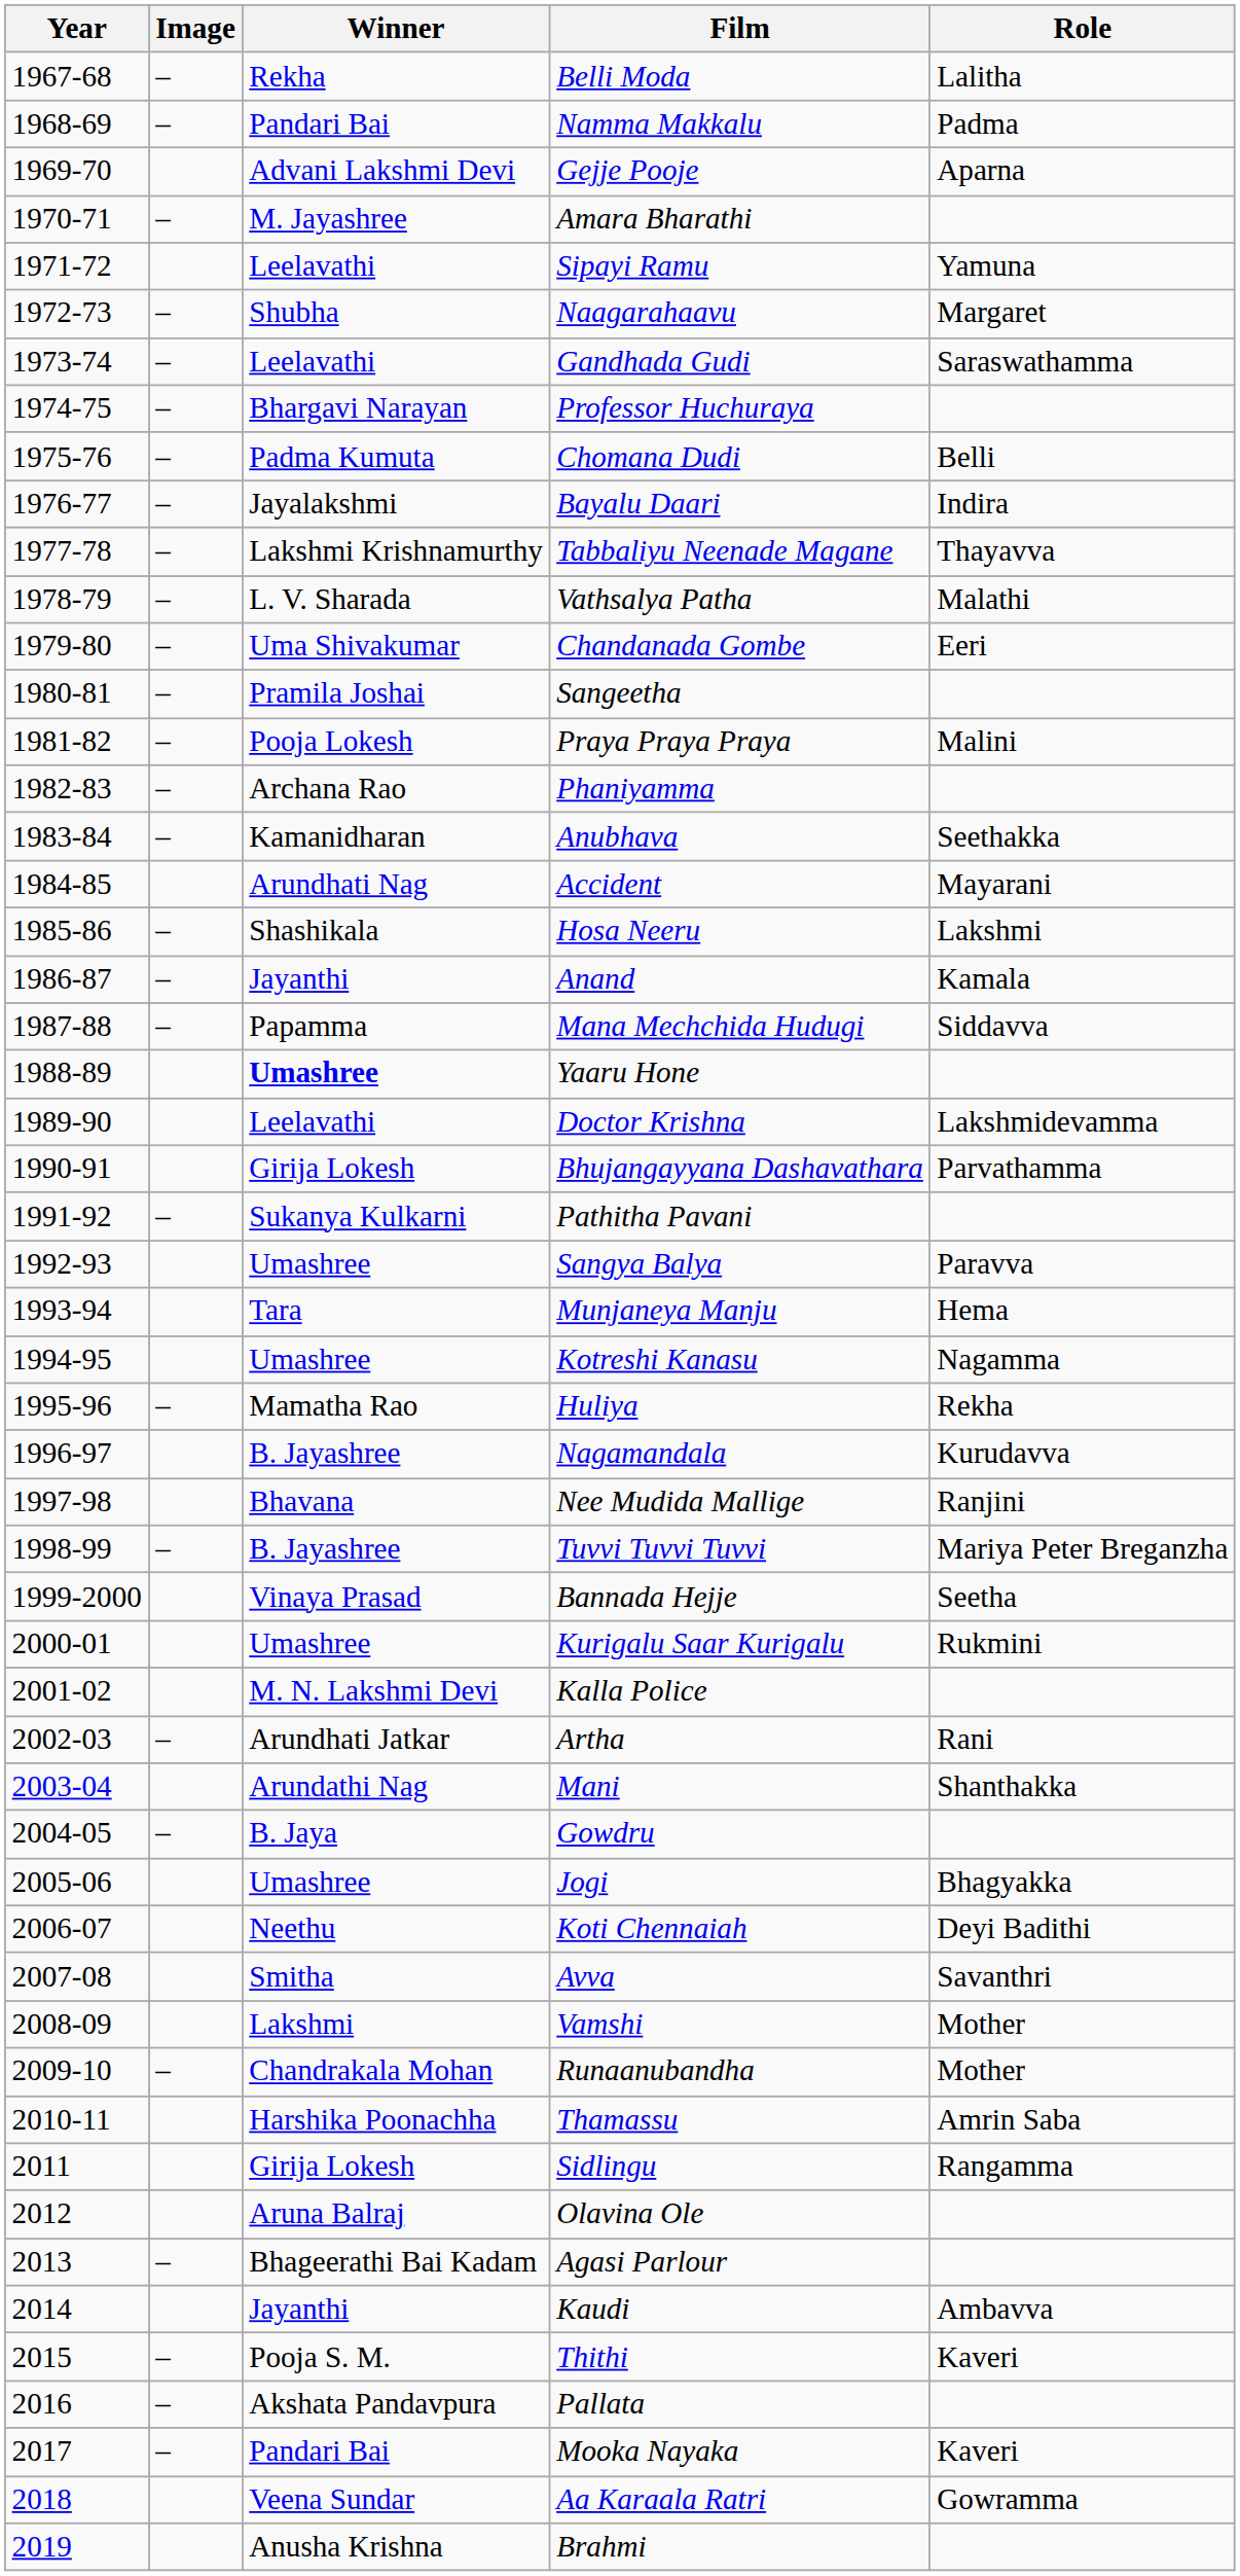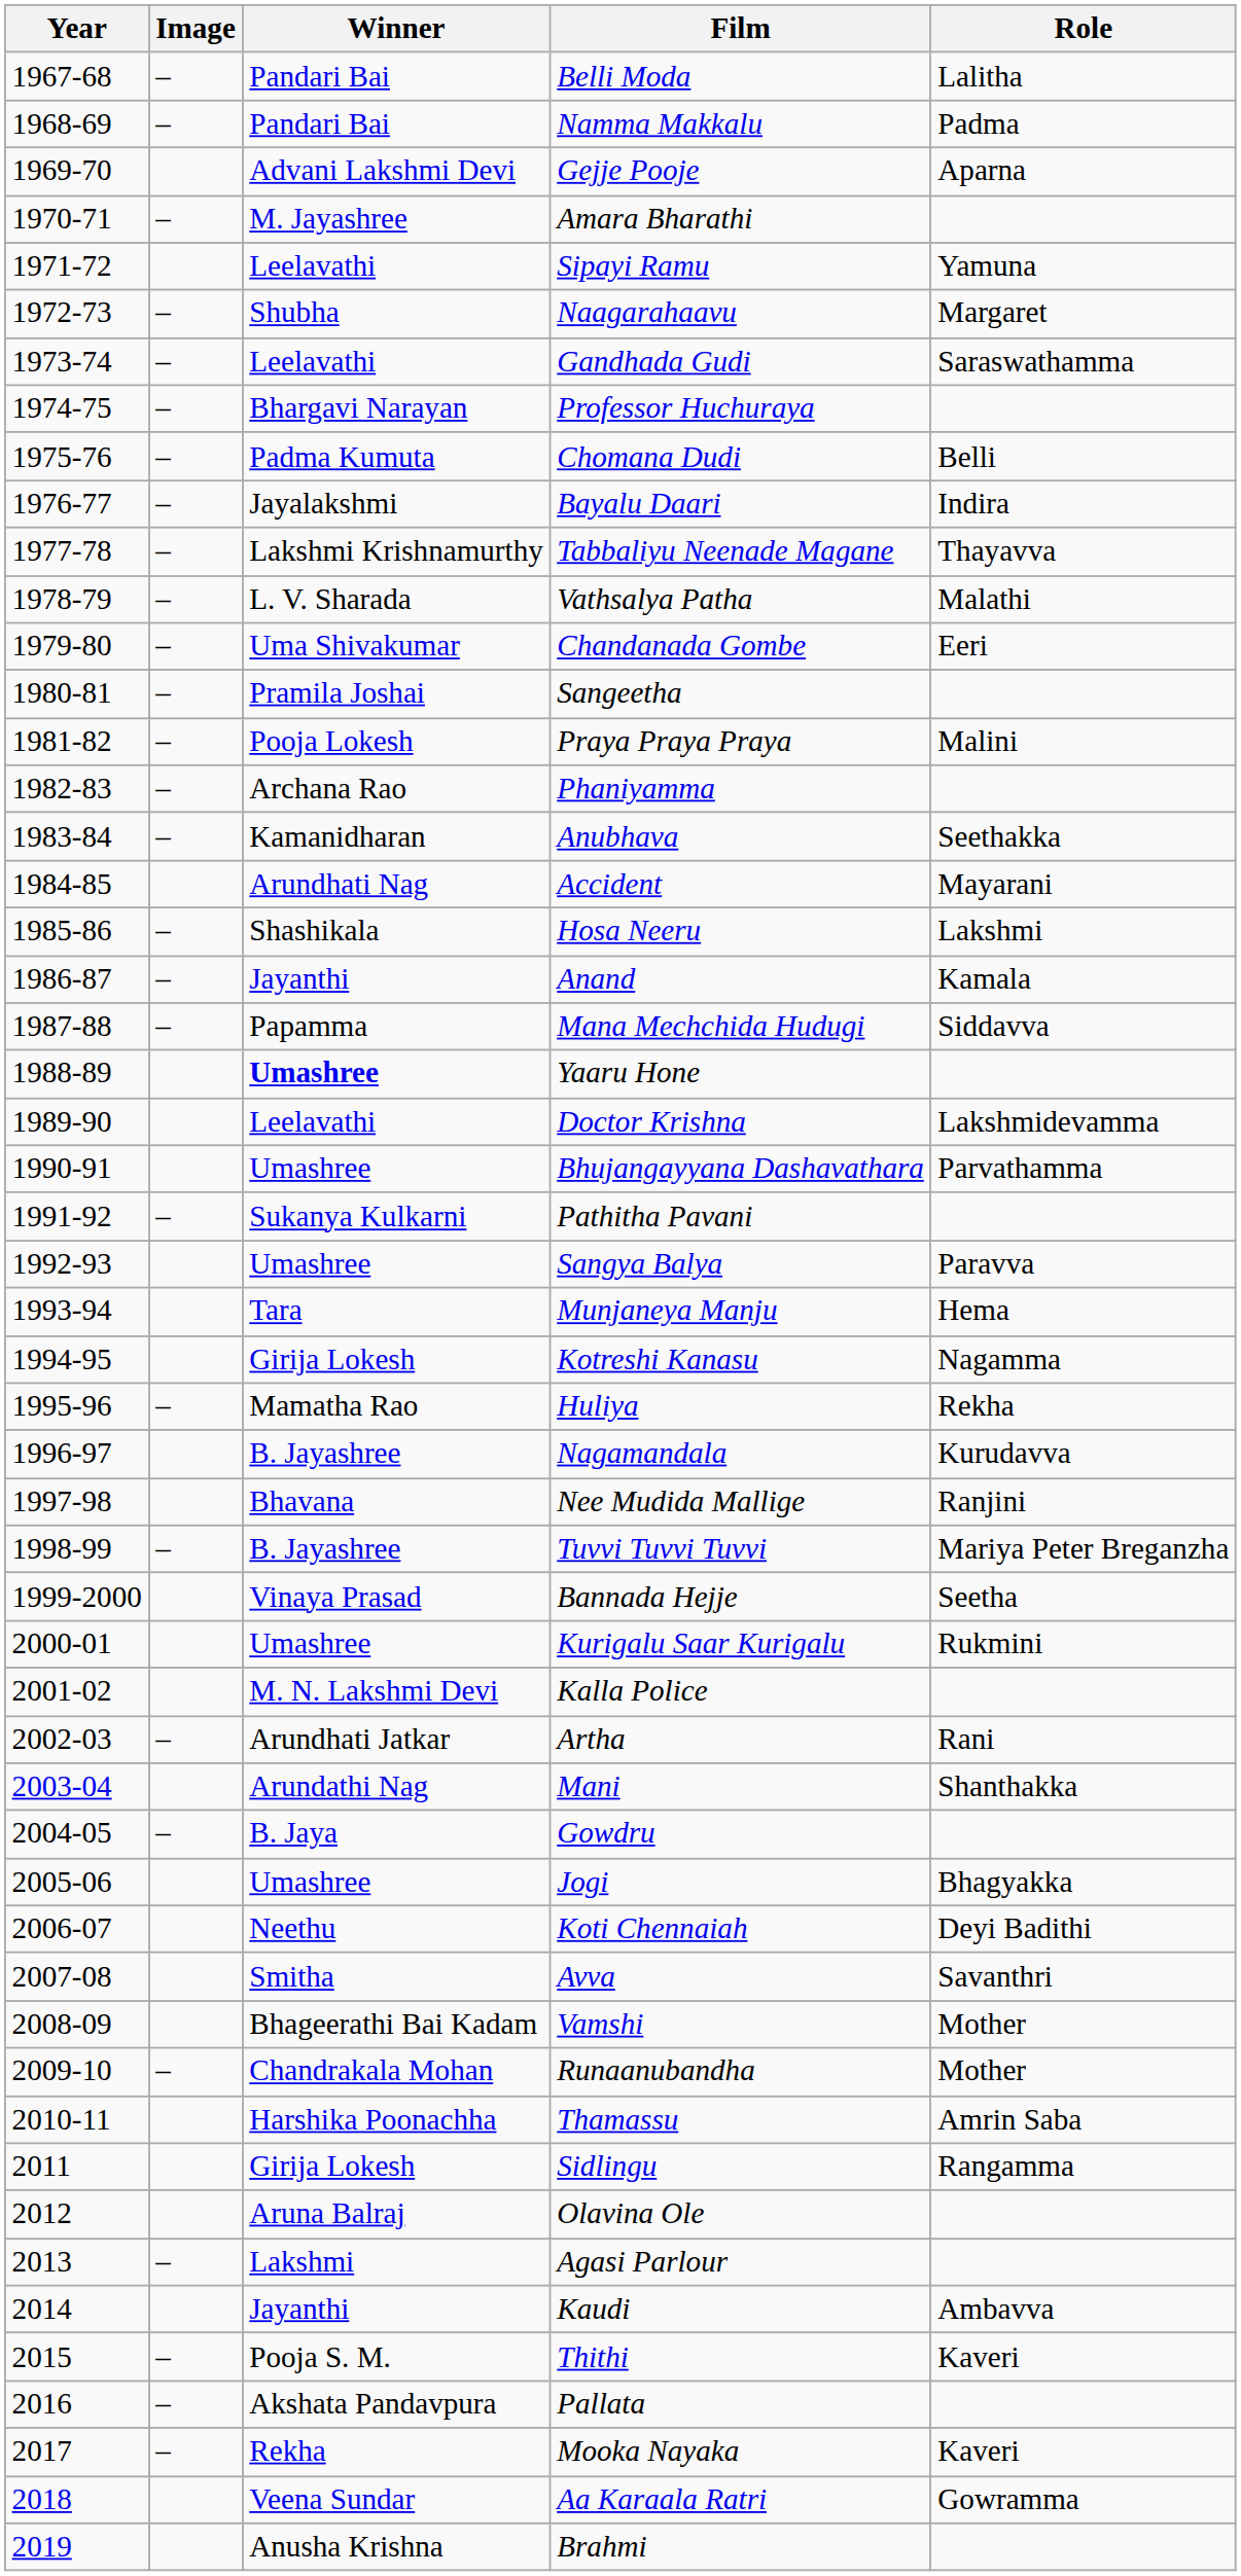 <table class="wikitable sortable">
 <tr>
 <th>Year</th>
 <th>Image</th>
 <th>Winner</th>
 <th>Film</th>
 <th>Role</th>
 </tr>
 <tr>
 <td>1967-68</td>
 <td>–</td>
-<td><a href='#'>Rekha</a></td>
+<td><a href='#'>Pandari Bai</a></td>
 <td><em><a href='#'>Belli Moda</a></em></td>
 <td>Lalitha</td>
 </tr>
 <tr>
 <td>1968-69</td>
 <td>–</td>
 <td><a href='#'>Pandari Bai</a></td>
 <td><em><a href='#'>Namma Makkalu</a></em></td>
 <td>Padma</td>
 </tr>
 <tr>
 <td>1969-70</td>
 <td></td>
 <td><a href='#'>Advani Lakshmi Devi</a></td>
 <td><em><a href='#'>Gejje Pooje</a></em></td>
 <td>Aparna</td>
 </tr>
 <tr>
 <td>1970-71</td>
 <td>–</td>
 <td><a href='#'>M. Jayashree</a></td>
 <td><em>Amara Bharathi</em></td>
 <td></td>
 </tr>
 <tr>
 <td>1971-72</td>
 <td></td>
 <td><a href='#'>Leelavathi</a></td>
 <td><em><a href='#'>Sipayi Ramu</a></em></td>
 <td>Yamuna</td>
 </tr>
 <tr>
 <td>1972-73</td>
 <td>–</td>
 <td><a href='#'>Shubha</a></td>
 <td><em><a href='#'>Naagarahaavu</a></em></td>
 <td>Margaret</td>
 </tr>
 <tr>
 <td>1973-74</td>
 <td>–</td>
 <td><a href='#'>Leelavathi</a></td>
 <td><em><a href='#'>Gandhada Gudi</a></em></td>
 <td>Saraswathamma</td>
 </tr>
 <tr>
 <td>1974-75</td>
 <td>–</td>
 <td><a href='#'>Bhargavi Narayan</a></td>
 <td><em><a href='#'>Professor Huchuraya</a></em></td>
 <td></td>
 </tr>
 <tr>
 <td>1975-76</td>
 <td>–</td>
 <td><a href='#'>Padma Kumuta</a></td>
 <td><em><a href='#'>Chomana Dudi</a></em></td>
 <td>Belli</td>
 </tr>
 <tr>
 <td>1976-77</td>
 <td>–</td>
 <td>Jayalakshmi</td>
 <td><em><a href='#'>Bayalu Daari</a></em></td>
 <td>Indira</td>
 </tr>
 <tr>
 <td>1977-78</td>
 <td>–</td>
 <td>Lakshmi Krishnamurthy</td>
 <td><em><a href='#'>Tabbaliyu Neenade Magane</a></em></td>
 <td>Thayavva</td>
 </tr>
 <tr>
 <td>1978-79</td>
 <td>–</td>
 <td>L. V. Sharada</td>
 <td><em>Vathsalya Patha</em></td>
 <td>Malathi</td>
 </tr>
 <tr>
 <td>1979-80</td>
 <td>–</td>
 <td><a href='#'>Uma Shivakumar</a></td>
 <td><em><a href='#'>Chandanada Gombe</a></em></td>
 <td>Eeri</td>
 </tr>
 <tr>
 <td>1980-81</td>
 <td>–</td>
 <td><a href='#'>Pramila Joshai</a></td>
 <td><em>Sangeetha</em></td>
 <td></td>
 </tr>
 <tr>
 <td>1981-82</td>
 <td>–</td>
 <td><a href='#'>Pooja Lokesh</a></td>
 <td><em>Praya Praya Praya</em></td>
 <td>Malini</td>
 </tr>
 <tr>
 <td>1982-83</td>
 <td>–</td>
 <td>Archana Rao</td>
 <td><em><a href='#'>Phaniyamma</a></em></td>
 <td></td>
 </tr>
 <tr>
 <td>1983-84</td>
 <td>–</td>
 <td>Kamanidharan</td>
 <td><em><a href='#'>Anubhava</a></em></td>
 <td>Seethakka</td>
 </tr>
 <tr>
 <td>1984-85</td>
 <td></td>
 <td><a href='#'>Arundhati Nag</a></td>
 <td><em><a href='#'>Accident</a></em></td>
 <td>Mayarani</td>
 </tr>
 <tr>
 <td>1985-86</td>
 <td>–</td>
 <td>Shashikala</td>
 <td><em><a href='#'>Hosa Neeru</a></em></td>
 <td>Lakshmi</td>
 </tr>
 <tr>
 <td>1986-87</td>
 <td>–</td>
 <td><a href='#'>Jayanthi</a></td>
 <td><em><a href='#'>Anand</a></em></td>
 <td>Kamala</td>
 </tr>
 <tr>
 <td>1987-88</td>
 <td>–</td>
 <td>Papamma</td>
 <td><em><a href='#'>Mana Mechchida Hudugi</a></em></td>
 <td>Siddavva</td>
 </tr>
 <tr>
 <td>1988-89</td>
 <td></td>
 <td><strong><a href='#'>Umashree</a></strong></td>
 <td><em>Yaaru Hone</em></td>
 <td></td>
 </tr>
 <tr>
 <td>1989-90</td>
 <td></td>
 <td><a href='#'>Leelavathi</a></td>
 <td><em><a href='#'>Doctor Krishna</a></em></td>
 <td>Lakshmidevamma</td>
 </tr>
 <tr>
 <td>1990-91</td>
 <td></td>
-<td><a href='#'>Girija Lokesh</a></td>
+<td><a href='#'>Umashree</a></td>
 <td><em><a href='#'>Bhujangayyana Dashavathara</a></em></td>
 <td>Parvathamma</td>
 </tr>
 <tr>
 <td>1991-92</td>
 <td>–</td>
 <td><a href='#'>Sukanya Kulkarni</a></td>
 <td><em>Pathitha Pavani</em></td>
 <td></td>
 </tr>
 <tr>
 <td>1992-93</td>
 <td></td>
 <td><a href='#'>Umashree</a></td>
 <td><em><a href='#'>Sangya Balya</a></em></td>
 <td>Paravva</td>
 </tr>
 <tr>
 <td>1993-94</td>
 <td></td>
 <td><a href='#'>Tara</a></td>
 <td><em><a href='#'>Munjaneya Manju</a></em></td>
 <td>Hema</td>
 </tr>
 <tr>
 <td>1994-95</td>
 <td></td>
-<td><a href='#'>Umashree</a></td>
+<td><a href='#'>Girija Lokesh</a></td>
 <td><em><a href='#'>Kotreshi Kanasu</a></em></td>
 <td>Nagamma</td>
 </tr>
 <tr>
 <td>1995-96</td>
 <td>–</td>
 <td>Mamatha Rao</td>
 <td><em><a href='#'>Huliya</a></em></td>
 <td>Rekha</td>
 </tr>
 <tr>
 <td>1996-97</td>
 <td></td>
 <td><a href='#'>B. Jayashree</a></td>
 <td><em><a href='#'>Nagamandala</a></em></td>
 <td>Kurudavva</td>
 </tr>
 <tr>
 <td>1997-98</td>
 <td></td>
 <td><a href='#'>Bhavana</a></td>
 <td><em>Nee Mudida Mallige</em></td>
 <td>Ranjini</td>
 </tr>
 <tr>
 <td>1998-99</td>
 <td>–</td>
 <td><a href='#'>B. Jayashree</a></td>
 <td><em><a href='#'>Tuvvi Tuvvi Tuvvi</a></em></td>
 <td>Mariya Peter Breganzha</td>
 </tr>
 <tr>
 <td>1999-2000</td>
 <td></td>
 <td><a href='#'>Vinaya Prasad</a></td>
 <td><em>Bannada Hejje</em></td>
 <td>Seetha</td>
 </tr>
 <tr>
 <td>2000-01</td>
 <td></td>
 <td><a href='#'>Umashree</a></td>
 <td><em><a href='#'>Kurigalu Saar Kurigalu</a></em></td>
 <td>Rukmini</td>
 </tr>
 <tr>
 <td>2001-02</td>
 <td></td>
 <td><a href='#'>M. N. Lakshmi Devi</a></td>
 <td><em>Kalla Police</em></td>
 <td></td>
 </tr>
 <tr>
 <td>2002-03</td>
 <td>–</td>
 <td>Arundhati Jatkar</td>
 <td><em>Artha</em></td>
 <td>Rani</td>
 </tr>
 <tr>
 <td><a href='#'>2003-04</a></td>
 <td></td>
 <td><a href='#'>Arundathi Nag</a></td>
 <td><em><a href='#'>Mani</a></em></td>
 <td>Shanthakka</td>
 </tr>
 <tr>
 <td>2004-05</td>
 <td>–</td>
 <td><a href='#'>B. Jaya</a></td>
 <td><em><a href='#'>Gowdru</a></em></td>
 <td></td>
 </tr>
 <tr>
 <td>2005-06</td>
 <td></td>
 <td><a href='#'>Umashree</a></td>
 <td><em><a href='#'>Jogi</a></em></td>
 <td>Bhagyakka</td>
 </tr>
 <tr>
 <td>2006-07</td>
 <td></td>
 <td><a href='#'>Neethu</a></td>
 <td><em><a href='#'>Koti Chennaiah</a></em></td>
 <td>Deyi Badithi</td>
 </tr>
 <tr>
 <td>2007-08</td>
 <td></td>
 <td><a href='#'>Smitha</a></td>
 <td><em><a href='#'>Avva</a></em></td>
 <td>Savanthri</td>
 </tr>
 <tr>
 <td>2008-09</td>
 <td></td>
-<td><a href='#'>Lakshmi</a></td>
+<td>Bhageerathi Bai Kadam</td>
 <td><em><a href='#'>Vamshi</a></em></td>
 <td>Mother</td>
 </tr>
 <tr>
 <td>2009-10</td>
 <td>–</td>
 <td><a href='#'>Chandrakala Mohan</a></td>
 <td><em>Runaanubandha</em></td>
 <td>Mother</td>
 </tr>
 <tr>
 <td>2010-11</td>
 <td></td>
 <td><a href='#'>Harshika Poonachha</a></td>
 <td><em><a href='#'>Thamassu</a></em></td>
 <td>Amrin Saba</td>
 </tr>
 <tr>
 <td>2011</td>
 <td></td>
 <td><a href='#'>Girija Lokesh</a></td>
 <td><em><a href='#'>Sidlingu</a></em></td>
 <td>Rangamma</td>
 </tr>
 <tr>
 <td>2012</td>
 <td></td>
 <td><a href='#'>Aruna Balraj</a></td>
 <td><em>Olavina Ole</em></td>
 <td></td>
 </tr>
 <tr>
 <td>2013</td>
 <td>–</td>
-<td>Bhageerathi Bai Kadam</td>
+<td><a href='#'>Lakshmi</a></td>
 <td><em>Agasi Parlour</em></td>
 <td></td>
 </tr>
 <tr>
 <td>2014</td>
 <td></td>
 <td><a href='#'>Jayanthi</a></td>
 <td><em>Kaudi</em></td>
 <td>Ambavva</td>
 </tr>
 <tr>
 <td>2015</td>
 <td>–</td>
 <td>Pooja S. M.</td>
 <td><em><a href='#'>Thithi</a></em></td>
 <td>Kaveri</td>
 </tr>
 <tr>
 <td>2016</td>
 <td>–</td>
 <td>Akshata Pandavpura</td>
 <td><em>Pallata</em></td>
 <td></td>
 </tr>
 <tr>
 <td>2017</td>
 <td>–</td>
-<td><a href='#'>Pandari Bai</a></td>
+<td><a href='#'>Rekha</a></td>
 <td><em>Mooka Nayaka</em></td>
 <td>Kaveri</td>
 </tr>
 <tr>
 <td><a href='#'>2018</a></td>
 <td></td>
 <td><a href='#'>Veena Sundar</a></td>
 <td><em><a href='#'>Aa Karaala Ratri</a></em></td>
 <td>Gowramma</td>
 </tr>
 <tr>
 <td><a href='#'>2019</a></td>
 <td></td>
 <td>Anusha Krishna</td>
 <td><em>Brahmi</em></td>
 <td></td>
 </tr>
 </table>
